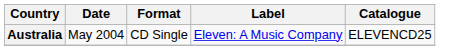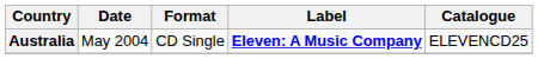 <table class="wikitable plainrowheaders">
 <tr>
 <th scope="col">Country</th>
 <th scope="col">Date</th>
 <th scope="col">Format</th>
 <th scope="col">Label</th>
 <th scope="col">Catalogue</th>
 </tr>
 <tr>
 <th scope="row">Australia</th>
 <td>May 2004</td>
 <td rowspan="1">CD Single</td>
-<td rowspan="1"><a href='#'>Eleven: A Music Company</a></td>
+<td rowspan="1"><strong><a href='#'>Eleven: A Music Company</a></strong></td>
 <td>ELEVENCD25</td>
 </tr>
 <tr>
 </tr>
 </table>
